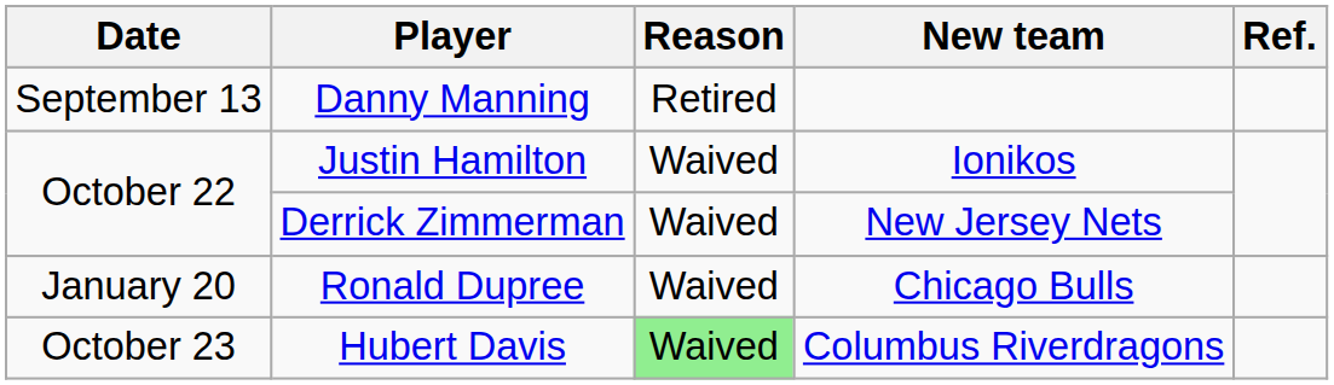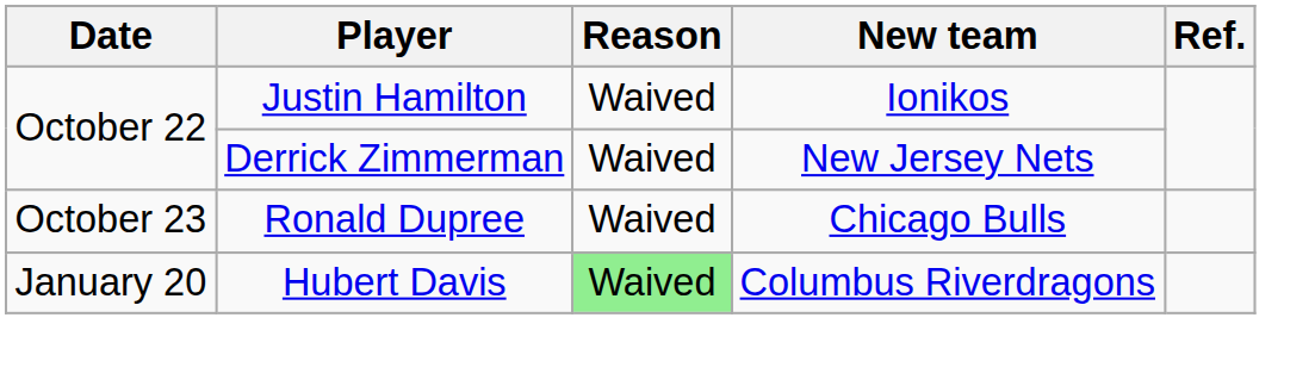 <table class="wikitable sortable sortable" style="text-align: center">
 <tr>
 <th>Date</th>
 <th>Player</th>
 <th>Reason</th>
 <th>New team</th>
 <th>Ref.</th>
-</tr>
-<tr style="text-align: center">
-<td>September 13</td>
-<td><a href='#'>Danny Manning</a></td>
-<td>Retired</td>
-<td></td>
-<td></td>
 </tr>
 <tr style="text-align: center">
 <td rowspan="2">October 22</td>
 <td><a href='#'>Justin Hamilton</a></td>
 <td>Waived</td>
 <td> <a href='#'>Ionikos</a></td>
 <td rowspan="2"></td>
 </tr>
 <tr style="text-align: center">
 <td><a href='#'>Derrick Zimmerman</a></td>
 <td>Waived</td>
 <td><a href='#'>New Jersey Nets</a></td>
 </tr>
 <tr style="text-align: center">
-<td>January 20</td>
+<td>October 23</td>
 <td><a href='#'>Ronald Dupree</a></td>
 <td>Waived</td>
 <td><a href='#'>Chicago Bulls</a></td>
 <td></td>
 </tr>
 <tr style="text-align: center">
-<td>October 23</td>
+<td>January 20</td>
 <td><a href='#'>Hubert Davis</a></td>
 <td style="background: lightgreen;">Waived</td>
 <td><a href='#'>Columbus Riverdragons</a></td>
 <td></td>
 </tr>
 </table>
